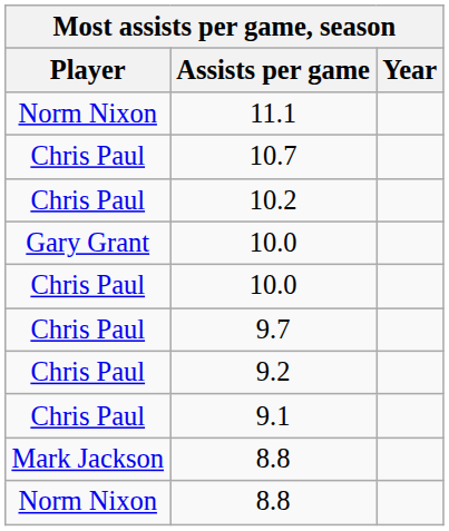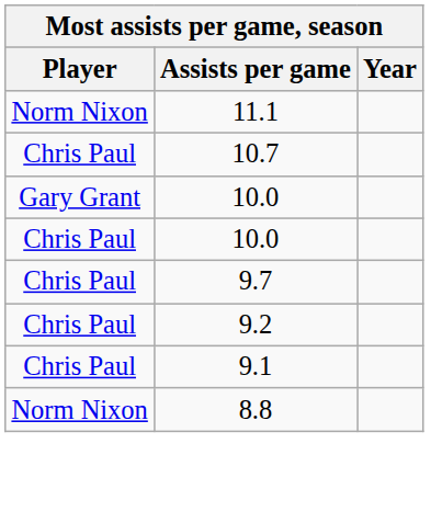 <table class="wikitable sortable" style="text-align:center">
 <tr>
 <th colspan="3">Most assists per game, season</th>
 </tr>
 <tr>
 <th>Player</th>
 <th>Assists per game</th>
 <th>Year</th>
 </tr>
 <tr>
 <td><a href='#'>Norm Nixon</a></td>
 <td>11.1</td>
 <td></td>
 </tr>
 <tr>
 <td><a href='#'>Chris Paul</a></td>
 <td>10.7</td>
-<td></td>
-</tr>
-<tr>
-<td><a href='#'>Chris Paul</a></td>
-<td>10.2</td>
 <td></td>
 </tr>
 <tr>
 <td><a href='#'>Gary Grant</a></td>
 <td>10.0</td>
 <td></td>
 </tr>
 <tr>
 <td><a href='#'>Chris Paul</a></td>
 <td>10.0</td>
 <td></td>
 </tr>
 <tr>
 <td><a href='#'>Chris Paul</a></td>
 <td>9.7</td>
 <td></td>
 </tr>
 <tr>
 <td><a href='#'>Chris Paul</a></td>
 <td>9.2</td>
 <td></td>
 </tr>
 <tr>
 <td><a href='#'>Chris Paul</a></td>
 <td>9.1</td>
 <td></td>
 </tr>
 <tr>
-<td><a href='#'>Mark Jackson</a></td>
-<td>8.8</td>
-<td></td>
-</tr>
-<tr>
 <td><a href='#'>Norm Nixon</a></td>
 <td>8.8</td>
 <td></td>
 </tr>
 </table>
